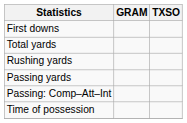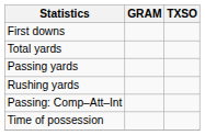 <table class="wikitable" style="float: left;">
 <tr>
 <th>Statistics</th>
 <th>GRAM</th>
 <th>TXSO</th>
 </tr>
 <tr>
 <td>First downs</td>
 <td></td>
 <td></td>
 </tr>
 <tr>
 <td>Total yards</td>
 <td></td>
 <td></td>
 </tr>
 <tr>
-<td>Rushing yards</td>
+<td>Passing yards</td>
 <td></td>
 <td></td>
 </tr>
 <tr>
-<td>Passing yards</td>
+<td>Rushing yards</td>
 <td></td>
 <td></td>
 </tr>
 <tr>
 <td>Passing: Comp–Att–Int</td>
 <td></td>
 <td></td>
 </tr>
 <tr>
 <td>Time of possession</td>
 <td></td>
 <td></td>
 </tr>
 <tr>
 </tr>
 </table>
